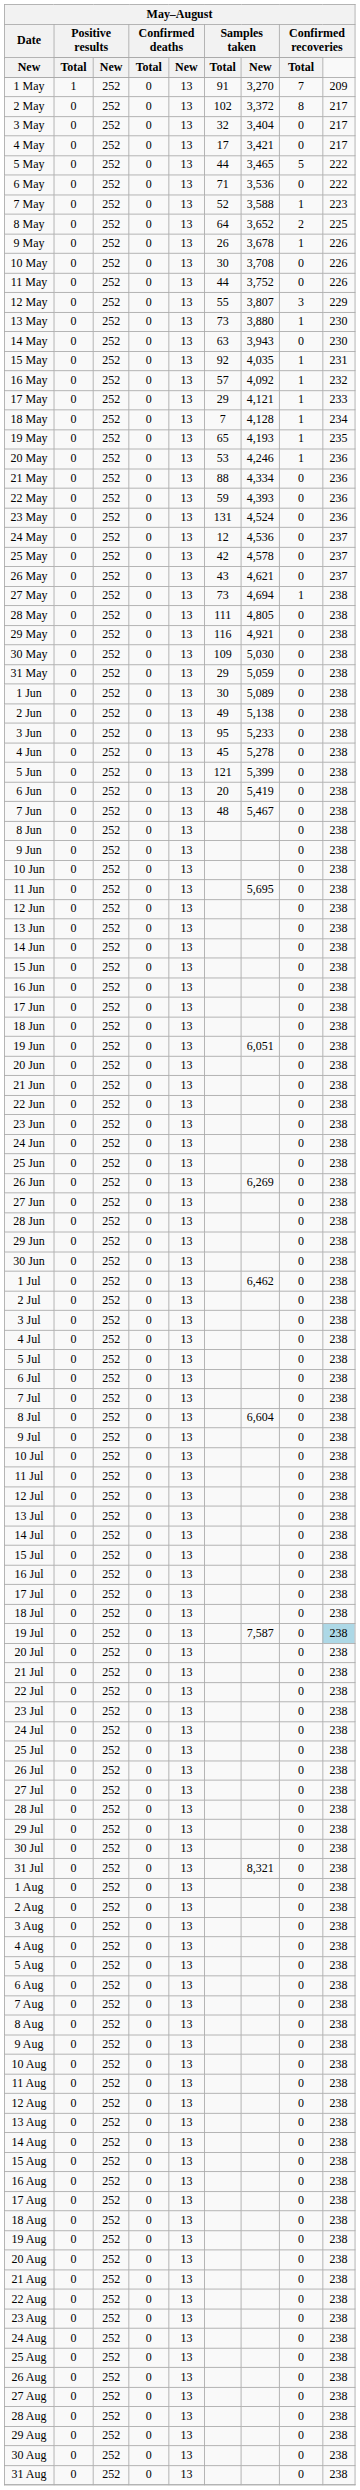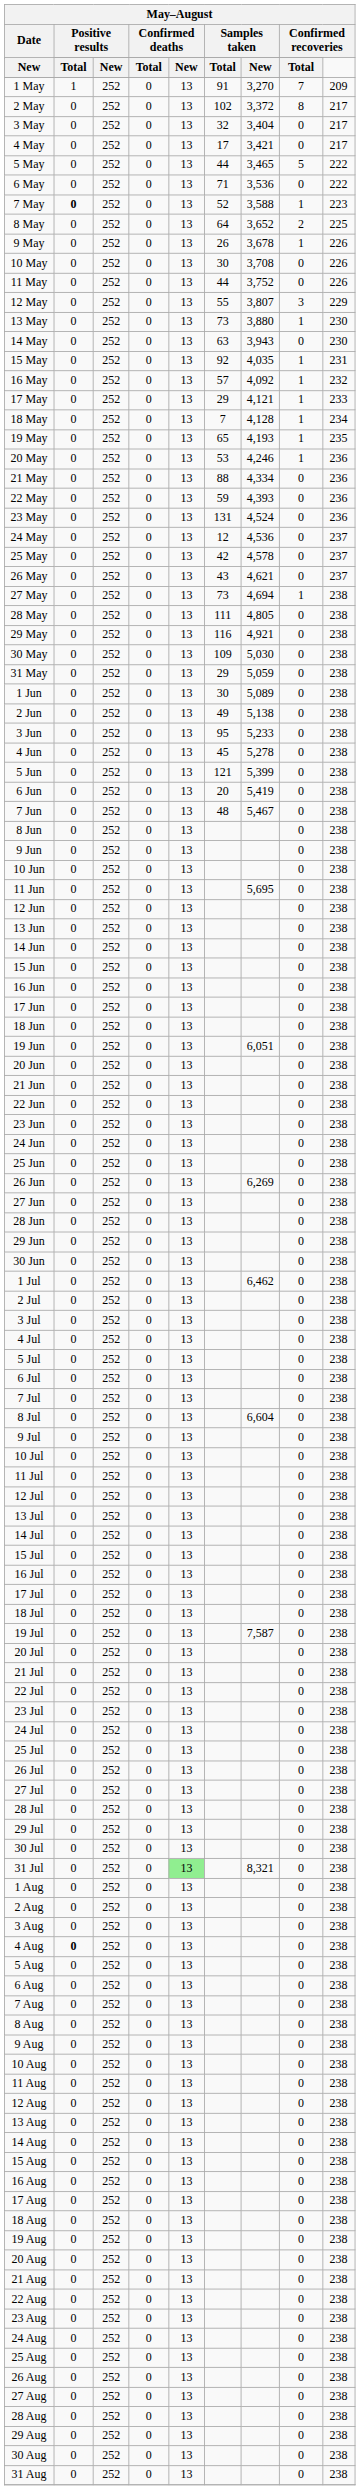 <table class="wikitable collapsible collapsed" style="text-align:center; font-size:86%">
 <tr>
 <th colspan="10">May–August</th>
 </tr>
 <tr>
 <th rowspan="2" width=50px>Date</th>
 <th colspan="2" width=80px>Positive results</th>
 <th colspan="2" width=80px>Confirmed deaths</th>
 <th colspan="2" width=80px>Samples taken</th>
 <th colspan="2" width=80px>Confirmed recoveries</th>
 </tr>
 <tr>
 </tr>
 <tr>
 <th>New</th>
 <th>Total</th>
 <th>New</th>
 <th>Total</th>
 <th>New</th>
 <th>Total</th>
 <th>New</th>
 <th>Total</th>
 </tr>
 <tr>
 </tr>
 <tr>
 <td>1 May</td>
 <td>1</td>
 <td>252</td>
 <td>0</td>
 <td>13</td>
 <td>91</td>
 <td>3,270</td>
 <td>7</td>
 <td>209</td>
 </tr>
 <tr>
 <td>2 May</td>
 <td>0</td>
 <td>252</td>
 <td>0</td>
 <td>13</td>
 <td>102</td>
 <td>3,372</td>
 <td>8</td>
 <td>217</td>
 </tr>
 <tr>
 <td>3 May</td>
 <td>0</td>
 <td>252</td>
 <td>0</td>
 <td>13</td>
 <td>32</td>
 <td>3,404</td>
 <td>0</td>
 <td>217</td>
 </tr>
 <tr>
 <td>4 May</td>
 <td>0</td>
 <td>252</td>
 <td>0</td>
 <td>13</td>
 <td>17</td>
 <td>3,421</td>
 <td>0</td>
 <td>217</td>
 </tr>
 <tr>
 <td>5 May</td>
 <td>0</td>
 <td>252</td>
 <td>0</td>
 <td>13</td>
 <td>44</td>
 <td>3,465</td>
 <td>5</td>
 <td>222</td>
 </tr>
 <tr>
 <td>6 May</td>
 <td>0</td>
 <td>252</td>
 <td>0</td>
 <td>13</td>
 <td>71</td>
 <td>3,536</td>
 <td>0</td>
 <td>222</td>
 </tr>
 <tr>
 <td>7 May</td>
-<td>0</td>
+<td><strong>0</strong></td>
 <td>252</td>
 <td>0</td>
 <td>13</td>
 <td>52</td>
 <td>3,588</td>
 <td>1</td>
 <td>223</td>
 </tr>
 <tr>
 <td>8 May</td>
 <td>0</td>
 <td>252</td>
 <td>0</td>
 <td>13</td>
 <td>64</td>
 <td>3,652</td>
 <td>2</td>
 <td>225</td>
 </tr>
 <tr>
 <td>9 May</td>
 <td>0</td>
 <td>252</td>
 <td>0</td>
 <td>13</td>
 <td>26</td>
 <td>3,678</td>
 <td>1</td>
 <td>226</td>
 </tr>
 <tr>
 <td>10 May</td>
 <td>0</td>
 <td>252</td>
 <td>0</td>
 <td>13</td>
 <td>30</td>
 <td>3,708</td>
 <td>0</td>
 <td>226</td>
 </tr>
 <tr>
 <td>11 May</td>
 <td>0</td>
 <td>252</td>
 <td>0</td>
 <td>13</td>
 <td>44</td>
 <td>3,752</td>
 <td>0</td>
 <td>226</td>
 </tr>
 <tr>
 <td>12 May</td>
 <td>0</td>
 <td>252</td>
 <td>0</td>
 <td>13</td>
 <td>55</td>
 <td>3,807</td>
 <td>3</td>
 <td>229</td>
 </tr>
 <tr>
 <td>13 May</td>
 <td>0</td>
 <td>252</td>
 <td>0</td>
 <td>13</td>
 <td>73</td>
 <td>3,880</td>
 <td>1</td>
 <td>230</td>
 </tr>
 <tr>
 <td>14 May</td>
 <td>0</td>
 <td>252</td>
 <td>0</td>
 <td>13</td>
 <td>63</td>
 <td>3,943</td>
 <td>0</td>
 <td>230</td>
 </tr>
 <tr>
 <td>15 May</td>
 <td>0</td>
 <td>252</td>
 <td>0</td>
 <td>13</td>
 <td>92</td>
 <td>4,035</td>
 <td>1</td>
 <td>231</td>
 </tr>
 <tr>
 <td>16 May</td>
 <td>0</td>
 <td>252</td>
 <td>0</td>
 <td>13</td>
 <td>57</td>
 <td>4,092</td>
 <td>1</td>
 <td>232</td>
 </tr>
 <tr>
 <td>17 May</td>
 <td>0</td>
 <td>252</td>
 <td>0</td>
 <td>13</td>
 <td>29</td>
 <td>4,121</td>
 <td>1</td>
 <td>233</td>
 </tr>
 <tr>
 <td>18 May</td>
 <td>0</td>
 <td>252</td>
 <td>0</td>
 <td>13</td>
 <td>7</td>
 <td>4,128</td>
 <td>1</td>
 <td>234</td>
 </tr>
 <tr>
 <td>19 May</td>
 <td>0</td>
 <td>252</td>
 <td>0</td>
 <td>13</td>
 <td>65</td>
 <td>4,193</td>
 <td>1</td>
 <td>235</td>
 </tr>
 <tr>
 <td>20 May</td>
 <td>0</td>
 <td>252</td>
 <td>0</td>
 <td>13</td>
 <td>53</td>
 <td>4,246</td>
 <td>1</td>
 <td>236</td>
 </tr>
 <tr>
 <td>21 May</td>
 <td>0</td>
 <td>252</td>
 <td>0</td>
 <td>13</td>
 <td>88</td>
 <td>4,334</td>
 <td>0</td>
 <td>236</td>
 </tr>
 <tr>
 <td>22 May</td>
 <td>0</td>
 <td>252</td>
 <td>0</td>
 <td>13</td>
 <td>59</td>
 <td>4,393</td>
 <td>0</td>
 <td>236</td>
 </tr>
 <tr>
 <td>23 May</td>
 <td>0</td>
 <td>252</td>
 <td>0</td>
 <td>13</td>
 <td>131</td>
 <td>4,524</td>
 <td>0</td>
 <td>236</td>
 </tr>
 <tr>
 <td>24 May</td>
 <td>0</td>
 <td>252</td>
 <td>0</td>
 <td>13</td>
 <td>12</td>
 <td>4,536</td>
 <td>0</td>
 <td>237</td>
 </tr>
 <tr>
 <td>25 May</td>
 <td>0</td>
 <td>252</td>
 <td>0</td>
 <td>13</td>
 <td>42</td>
 <td>4,578</td>
 <td>0</td>
 <td>237</td>
 </tr>
 <tr>
 <td>26 May</td>
 <td>0</td>
 <td>252</td>
 <td>0</td>
 <td>13</td>
 <td>43</td>
 <td>4,621</td>
 <td>0</td>
 <td>237</td>
 </tr>
 <tr>
 <td>27 May</td>
 <td>0</td>
 <td>252</td>
 <td>0</td>
 <td>13</td>
 <td>73</td>
 <td>4,694</td>
 <td>1</td>
 <td>238</td>
 </tr>
 <tr>
 <td>28 May</td>
 <td>0</td>
 <td>252</td>
 <td>0</td>
 <td>13</td>
 <td>111</td>
 <td>4,805</td>
 <td>0</td>
 <td>238</td>
 </tr>
 <tr>
 <td>29 May</td>
 <td>0</td>
 <td>252</td>
 <td>0</td>
 <td>13</td>
 <td>116</td>
 <td>4,921</td>
 <td>0</td>
 <td>238</td>
 </tr>
 <tr>
 <td>30 May</td>
 <td>0</td>
 <td>252</td>
 <td>0</td>
 <td>13</td>
 <td>109</td>
 <td>5,030</td>
 <td>0</td>
 <td>238</td>
 </tr>
 <tr>
 <td>31 May</td>
 <td>0</td>
 <td>252</td>
 <td>0</td>
 <td>13</td>
 <td>29</td>
 <td>5,059</td>
 <td>0</td>
 <td>238</td>
 </tr>
 <tr>
 <td>1 Jun</td>
 <td>0</td>
 <td>252</td>
 <td>0</td>
 <td>13</td>
 <td>30</td>
 <td>5,089</td>
 <td>0</td>
 <td>238</td>
 </tr>
 <tr>
 <td>2 Jun</td>
 <td>0</td>
 <td>252</td>
 <td>0</td>
 <td>13</td>
 <td>49</td>
 <td>5,138</td>
 <td>0</td>
 <td>238</td>
 </tr>
 <tr>
 <td>3 Jun</td>
 <td>0</td>
 <td>252</td>
 <td>0</td>
 <td>13</td>
 <td>95</td>
 <td>5,233</td>
 <td>0</td>
 <td>238</td>
 </tr>
 <tr>
 <td>4 Jun</td>
 <td>0</td>
 <td>252</td>
 <td>0</td>
 <td>13</td>
 <td>45</td>
 <td>5,278</td>
 <td>0</td>
 <td>238</td>
 </tr>
 <tr>
 <td>5 Jun</td>
 <td>0</td>
 <td>252</td>
 <td>0</td>
 <td>13</td>
 <td>121</td>
 <td>5,399</td>
 <td>0</td>
 <td>238</td>
 </tr>
 <tr>
 <td>6 Jun</td>
 <td>0</td>
 <td>252</td>
 <td>0</td>
 <td>13</td>
 <td>20</td>
 <td>5,419</td>
 <td>0</td>
 <td>238</td>
 </tr>
 <tr>
 <td>7 Jun</td>
 <td>0</td>
 <td>252</td>
 <td>0</td>
 <td>13</td>
 <td>48</td>
 <td>5,467</td>
 <td>0</td>
 <td>238</td>
 </tr>
 <tr>
 <td>8 Jun</td>
 <td>0</td>
 <td>252</td>
 <td>0</td>
 <td>13</td>
 <td></td>
 <td></td>
 <td>0</td>
 <td>238</td>
 </tr>
 <tr>
 <td>9 Jun</td>
 <td>0</td>
 <td>252</td>
 <td>0</td>
 <td>13</td>
 <td></td>
 <td></td>
 <td>0</td>
 <td>238</td>
 </tr>
 <tr>
 <td>10 Jun</td>
 <td>0</td>
 <td>252</td>
 <td>0</td>
 <td>13</td>
 <td></td>
 <td></td>
 <td>0</td>
 <td>238</td>
 </tr>
 <tr>
 <td>11 Jun</td>
 <td>0</td>
 <td>252</td>
 <td>0</td>
 <td>13</td>
 <td></td>
 <td>5,695</td>
 <td>0</td>
 <td>238</td>
 </tr>
 <tr>
 <td>12 Jun</td>
 <td>0</td>
 <td>252</td>
 <td>0</td>
 <td>13</td>
 <td></td>
 <td></td>
 <td>0</td>
 <td>238</td>
 </tr>
 <tr>
 <td>13 Jun</td>
 <td>0</td>
 <td>252</td>
 <td>0</td>
 <td>13</td>
 <td></td>
 <td></td>
 <td>0</td>
 <td>238</td>
 </tr>
 <tr>
 <td>14 Jun</td>
 <td>0</td>
 <td>252</td>
 <td>0</td>
 <td>13</td>
 <td></td>
 <td></td>
 <td>0</td>
 <td>238</td>
 </tr>
 <tr>
 <td>15 Jun</td>
 <td>0</td>
 <td>252</td>
 <td>0</td>
 <td>13</td>
 <td></td>
 <td></td>
 <td>0</td>
 <td>238</td>
 </tr>
 <tr>
 <td>16 Jun</td>
 <td>0</td>
 <td>252</td>
 <td>0</td>
 <td>13</td>
 <td></td>
 <td></td>
 <td>0</td>
 <td>238</td>
 </tr>
 <tr>
 <td>17 Jun</td>
 <td>0</td>
 <td>252</td>
 <td>0</td>
 <td>13</td>
 <td></td>
 <td></td>
 <td>0</td>
 <td>238</td>
 </tr>
 <tr>
 <td>18 Jun</td>
 <td>0</td>
 <td>252</td>
 <td>0</td>
 <td>13</td>
 <td></td>
 <td></td>
 <td>0</td>
 <td>238</td>
 </tr>
 <tr>
 <td>19 Jun</td>
 <td>0</td>
 <td>252</td>
 <td>0</td>
 <td>13</td>
 <td></td>
 <td>6,051</td>
 <td>0</td>
 <td>238</td>
 </tr>
 <tr>
 <td>20 Jun</td>
 <td>0</td>
 <td>252</td>
 <td>0</td>
 <td>13</td>
 <td></td>
 <td></td>
 <td>0</td>
 <td>238</td>
 </tr>
 <tr>
 <td>21 Jun</td>
 <td>0</td>
 <td>252</td>
 <td>0</td>
 <td>13</td>
 <td></td>
 <td></td>
 <td>0</td>
 <td>238</td>
 </tr>
 <tr>
 <td>22 Jun</td>
 <td>0</td>
 <td>252</td>
 <td>0</td>
 <td>13</td>
 <td></td>
 <td></td>
 <td>0</td>
 <td>238</td>
 </tr>
 <tr>
 <td>23 Jun</td>
 <td>0</td>
 <td>252</td>
 <td>0</td>
 <td>13</td>
 <td></td>
 <td></td>
 <td>0</td>
 <td>238</td>
 </tr>
 <tr>
 <td>24 Jun</td>
 <td>0</td>
 <td>252</td>
 <td>0</td>
 <td>13</td>
 <td></td>
 <td></td>
 <td>0</td>
 <td>238</td>
 </tr>
 <tr>
 <td>25 Jun</td>
 <td>0</td>
 <td>252</td>
 <td>0</td>
 <td>13</td>
 <td></td>
 <td></td>
 <td>0</td>
 <td>238</td>
 </tr>
 <tr>
 <td>26 Jun</td>
 <td>0</td>
 <td>252</td>
 <td>0</td>
 <td>13</td>
 <td></td>
 <td>6,269</td>
 <td>0</td>
 <td>238</td>
 </tr>
 <tr>
 <td>27 Jun</td>
 <td>0</td>
 <td>252</td>
 <td>0</td>
 <td>13</td>
 <td></td>
 <td></td>
 <td>0</td>
 <td>238</td>
 </tr>
 <tr>
 <td>28 Jun</td>
 <td>0</td>
 <td>252</td>
 <td>0</td>
 <td>13</td>
 <td></td>
 <td></td>
 <td>0</td>
 <td>238</td>
 </tr>
 <tr>
 <td>29 Jun</td>
 <td>0</td>
 <td>252</td>
 <td>0</td>
 <td>13</td>
 <td></td>
 <td></td>
 <td>0</td>
 <td>238</td>
 </tr>
 <tr>
 <td>30 Jun</td>
 <td>0</td>
 <td>252</td>
 <td>0</td>
 <td>13</td>
 <td></td>
 <td></td>
 <td>0</td>
 <td>238</td>
 </tr>
 <tr>
 <td>1 Jul</td>
 <td>0</td>
 <td>252</td>
 <td>0</td>
 <td>13</td>
 <td></td>
 <td>6,462</td>
 <td>0</td>
 <td>238</td>
 </tr>
 <tr>
 <td>2 Jul</td>
 <td>0</td>
 <td>252</td>
 <td>0</td>
 <td>13</td>
 <td></td>
 <td></td>
 <td>0</td>
 <td>238</td>
 </tr>
 <tr>
 <td>3 Jul</td>
 <td>0</td>
 <td>252</td>
 <td>0</td>
 <td>13</td>
 <td></td>
 <td></td>
 <td>0</td>
 <td>238</td>
 </tr>
 <tr>
 <td>4 Jul</td>
 <td>0</td>
 <td>252</td>
 <td>0</td>
 <td>13</td>
 <td></td>
 <td></td>
 <td>0</td>
 <td>238</td>
 </tr>
 <tr>
 <td>5 Jul</td>
 <td>0</td>
 <td>252</td>
 <td>0</td>
 <td>13</td>
 <td></td>
 <td></td>
 <td>0</td>
 <td>238</td>
 </tr>
 <tr>
 <td>6 Jul</td>
 <td>0</td>
 <td>252</td>
 <td>0</td>
 <td>13</td>
 <td></td>
 <td></td>
 <td>0</td>
 <td>238</td>
 </tr>
 <tr>
 <td>7 Jul</td>
 <td>0</td>
 <td>252</td>
 <td>0</td>
 <td>13</td>
 <td></td>
 <td></td>
 <td>0</td>
 <td>238</td>
 </tr>
 <tr>
 <td>8 Jul</td>
 <td>0</td>
 <td>252</td>
 <td>0</td>
 <td>13</td>
 <td></td>
 <td>6,604</td>
 <td>0</td>
 <td>238</td>
 </tr>
 <tr>
 <td>9 Jul</td>
 <td>0</td>
 <td>252</td>
 <td>0</td>
 <td>13</td>
 <td></td>
 <td></td>
 <td>0</td>
 <td>238</td>
 </tr>
 <tr>
 <td>10 Jul</td>
 <td>0</td>
 <td>252</td>
 <td>0</td>
 <td>13</td>
 <td></td>
 <td></td>
 <td>0</td>
 <td>238</td>
 </tr>
 <tr>
 <td>11 Jul</td>
 <td>0</td>
 <td>252</td>
 <td>0</td>
 <td>13</td>
 <td></td>
 <td></td>
 <td>0</td>
 <td>238</td>
 </tr>
 <tr>
 <td>12 Jul</td>
 <td>0</td>
 <td>252</td>
 <td>0</td>
 <td>13</td>
 <td></td>
 <td></td>
 <td>0</td>
 <td>238</td>
 </tr>
 <tr>
 <td>13 Jul</td>
 <td>0</td>
 <td>252</td>
 <td>0</td>
 <td>13</td>
 <td></td>
 <td></td>
 <td>0</td>
 <td>238</td>
 </tr>
 <tr>
 <td>14 Jul</td>
 <td>0</td>
 <td>252</td>
 <td>0</td>
 <td>13</td>
 <td></td>
 <td></td>
 <td>0</td>
 <td>238</td>
 </tr>
 <tr>
 <td>15 Jul</td>
 <td>0</td>
 <td>252</td>
 <td>0</td>
 <td>13</td>
 <td></td>
 <td></td>
 <td>0</td>
 <td>238</td>
 </tr>
 <tr>
 <td>16 Jul</td>
 <td>0</td>
 <td>252</td>
 <td>0</td>
 <td>13</td>
 <td></td>
 <td></td>
 <td>0</td>
 <td>238</td>
 </tr>
 <tr>
 <td>17 Jul</td>
 <td>0</td>
 <td>252</td>
 <td>0</td>
 <td>13</td>
 <td></td>
 <td></td>
 <td>0</td>
 <td>238</td>
 </tr>
 <tr>
 <td>18 Jul</td>
 <td>0</td>
 <td>252</td>
 <td>0</td>
 <td>13</td>
 <td></td>
 <td></td>
 <td>0</td>
 <td>238</td>
 </tr>
 <tr>
 <td>19 Jul</td>
 <td>0</td>
 <td>252</td>
 <td>0</td>
 <td>13</td>
 <td></td>
 <td>7,587</td>
 <td>0</td>
-<td style="background: lightblue;">238</td>
+<td>238</td>
 </tr>
 <tr>
 <td>20 Jul</td>
 <td>0</td>
 <td>252</td>
 <td>0</td>
 <td>13</td>
 <td></td>
 <td></td>
 <td>0</td>
 <td>238</td>
 </tr>
 <tr>
 <td>21 Jul</td>
 <td>0</td>
 <td>252</td>
 <td>0</td>
 <td>13</td>
 <td></td>
 <td></td>
 <td>0</td>
 <td>238</td>
 </tr>
 <tr>
 <td>22 Jul</td>
 <td>0</td>
 <td>252</td>
 <td>0</td>
 <td>13</td>
 <td></td>
 <td></td>
 <td>0</td>
 <td>238</td>
 </tr>
 <tr>
 <td>23 Jul</td>
 <td>0</td>
 <td>252</td>
 <td>0</td>
 <td>13</td>
 <td></td>
 <td></td>
 <td>0</td>
 <td>238</td>
 </tr>
 <tr>
 <td>24 Jul</td>
 <td>0</td>
 <td>252</td>
 <td>0</td>
 <td>13</td>
 <td></td>
 <td></td>
 <td>0</td>
 <td>238</td>
 </tr>
 <tr>
 <td>25 Jul</td>
 <td>0</td>
 <td>252</td>
 <td>0</td>
 <td>13</td>
 <td></td>
 <td></td>
 <td>0</td>
 <td>238</td>
 </tr>
 <tr>
 <td>26 Jul</td>
 <td>0</td>
 <td>252</td>
 <td>0</td>
 <td>13</td>
 <td></td>
 <td></td>
 <td>0</td>
 <td>238</td>
 </tr>
 <tr>
 <td>27 Jul</td>
 <td>0</td>
 <td>252</td>
 <td>0</td>
 <td>13</td>
 <td></td>
 <td></td>
 <td>0</td>
 <td>238</td>
 </tr>
 <tr>
 <td>28 Jul</td>
 <td>0</td>
 <td>252</td>
 <td>0</td>
 <td>13</td>
 <td></td>
 <td></td>
 <td>0</td>
 <td>238</td>
 </tr>
 <tr>
 <td>29 Jul</td>
 <td>0</td>
 <td>252</td>
 <td>0</td>
 <td>13</td>
 <td></td>
 <td></td>
 <td>0</td>
 <td>238</td>
 </tr>
 <tr>
 <td>30 Jul</td>
 <td>0</td>
 <td>252</td>
 <td>0</td>
 <td>13</td>
 <td></td>
 <td></td>
 <td>0</td>
 <td>238</td>
 </tr>
 <tr>
 <td>31 Jul</td>
 <td>0</td>
 <td>252</td>
 <td>0</td>
-<td>13</td>
+<td style="background: lightgreen;">13</td>
 <td></td>
 <td>8,321</td>
 <td>0</td>
 <td>238</td>
 </tr>
 <tr>
 <td>1 Aug</td>
 <td>0</td>
 <td>252</td>
 <td>0</td>
 <td>13</td>
 <td></td>
 <td></td>
 <td>0</td>
 <td>238</td>
 </tr>
 <tr>
 <td>2 Aug</td>
 <td>0</td>
 <td>252</td>
 <td>0</td>
 <td>13</td>
 <td></td>
 <td></td>
 <td>0</td>
 <td>238</td>
 </tr>
 <tr>
 <td>3 Aug</td>
 <td>0</td>
 <td>252</td>
 <td>0</td>
 <td>13</td>
 <td></td>
 <td></td>
 <td>0</td>
 <td>238</td>
 </tr>
 <tr>
 <td>4 Aug</td>
-<td>0</td>
+<td><strong>0</strong></td>
 <td>252</td>
 <td>0</td>
 <td>13</td>
 <td></td>
 <td></td>
 <td>0</td>
 <td>238</td>
 </tr>
 <tr>
 <td>5 Aug</td>
 <td>0</td>
 <td>252</td>
 <td>0</td>
 <td>13</td>
 <td></td>
 <td></td>
 <td>0</td>
 <td>238</td>
 </tr>
 <tr>
 <td>6 Aug</td>
 <td>0</td>
 <td>252</td>
 <td>0</td>
 <td>13</td>
 <td></td>
 <td></td>
 <td>0</td>
 <td>238</td>
 </tr>
 <tr>
 <td>7 Aug</td>
 <td>0</td>
 <td>252</td>
 <td>0</td>
 <td>13</td>
 <td></td>
 <td></td>
 <td>0</td>
 <td>238</td>
 </tr>
 <tr>
 <td>8 Aug</td>
 <td>0</td>
 <td>252</td>
 <td>0</td>
 <td>13</td>
 <td></td>
 <td></td>
 <td>0</td>
 <td>238</td>
 </tr>
 <tr>
 <td>9 Aug</td>
 <td>0</td>
 <td>252</td>
 <td>0</td>
 <td>13</td>
 <td></td>
 <td></td>
 <td>0</td>
 <td>238</td>
 </tr>
 <tr>
 <td>10 Aug</td>
 <td>0</td>
 <td>252</td>
 <td>0</td>
 <td>13</td>
 <td></td>
 <td></td>
 <td>0</td>
 <td>238</td>
 </tr>
 <tr>
 <td>11 Aug</td>
 <td>0</td>
 <td>252</td>
 <td>0</td>
 <td>13</td>
 <td></td>
 <td></td>
 <td>0</td>
 <td>238</td>
 </tr>
 <tr>
 <td>12 Aug</td>
 <td>0</td>
 <td>252</td>
 <td>0</td>
 <td>13</td>
 <td></td>
 <td></td>
 <td>0</td>
 <td>238</td>
 </tr>
 <tr>
 <td>13 Aug</td>
 <td>0</td>
 <td>252</td>
 <td>0</td>
 <td>13</td>
 <td></td>
 <td></td>
 <td>0</td>
 <td>238</td>
 </tr>
 <tr>
 <td>14 Aug</td>
 <td>0</td>
 <td>252</td>
 <td>0</td>
 <td>13</td>
 <td></td>
 <td></td>
 <td>0</td>
 <td>238</td>
 </tr>
 <tr>
 <td>15 Aug</td>
 <td>0</td>
 <td>252</td>
 <td>0</td>
 <td>13</td>
 <td></td>
 <td></td>
 <td>0</td>
 <td>238</td>
 </tr>
 <tr>
 <td>16 Aug</td>
 <td>0</td>
 <td>252</td>
 <td>0</td>
 <td>13</td>
 <td></td>
 <td></td>
 <td>0</td>
 <td>238</td>
 </tr>
 <tr>
 <td>17 Aug</td>
 <td>0</td>
 <td>252</td>
 <td>0</td>
 <td>13</td>
 <td></td>
 <td></td>
 <td>0</td>
 <td>238</td>
 </tr>
 <tr>
 <td>18 Aug</td>
 <td>0</td>
 <td>252</td>
 <td>0</td>
 <td>13</td>
 <td></td>
 <td></td>
 <td>0</td>
 <td>238</td>
 </tr>
 <tr>
 <td>19 Aug</td>
 <td>0</td>
 <td>252</td>
 <td>0</td>
 <td>13</td>
 <td></td>
 <td></td>
 <td>0</td>
 <td>238</td>
 </tr>
 <tr>
 <td>20 Aug</td>
 <td>0</td>
 <td>252</td>
 <td>0</td>
 <td>13</td>
 <td></td>
 <td></td>
 <td>0</td>
 <td>238</td>
 </tr>
 <tr>
 <td>21 Aug</td>
 <td>0</td>
 <td>252</td>
 <td>0</td>
 <td>13</td>
 <td></td>
 <td></td>
 <td>0</td>
 <td>238</td>
 </tr>
 <tr>
 <td>22 Aug</td>
 <td>0</td>
 <td>252</td>
 <td>0</td>
 <td>13</td>
 <td></td>
 <td></td>
 <td>0</td>
 <td>238</td>
 </tr>
 <tr>
 <td>23 Aug</td>
 <td>0</td>
 <td>252</td>
 <td>0</td>
 <td>13</td>
 <td></td>
 <td></td>
 <td>0</td>
 <td>238</td>
 </tr>
 <tr>
 <td>24 Aug</td>
 <td>0</td>
 <td>252</td>
 <td>0</td>
 <td>13</td>
 <td></td>
 <td></td>
 <td>0</td>
 <td>238</td>
 </tr>
 <tr>
 <td>25 Aug</td>
 <td>0</td>
 <td>252</td>
 <td>0</td>
 <td>13</td>
 <td></td>
 <td></td>
 <td>0</td>
 <td>238</td>
 </tr>
 <tr>
 <td>26 Aug</td>
 <td>0</td>
 <td>252</td>
 <td>0</td>
 <td>13</td>
 <td></td>
 <td></td>
 <td>0</td>
 <td>238</td>
 </tr>
 <tr>
 <td>27 Aug</td>
 <td>0</td>
 <td>252</td>
 <td>0</td>
 <td>13</td>
 <td></td>
 <td></td>
 <td>0</td>
 <td>238</td>
 </tr>
 <tr>
 <td>28 Aug</td>
 <td>0</td>
 <td>252</td>
 <td>0</td>
 <td>13</td>
 <td></td>
 <td></td>
 <td>0</td>
 <td>238</td>
 </tr>
 <tr>
 <td>29 Aug</td>
 <td>0</td>
 <td>252</td>
 <td>0</td>
 <td>13</td>
 <td></td>
 <td></td>
 <td>0</td>
 <td>238</td>
 </tr>
 <tr>
 <td>30 Aug</td>
 <td>0</td>
 <td>252</td>
 <td>0</td>
 <td>13</td>
 <td></td>
 <td></td>
 <td>0</td>
 <td>238</td>
 </tr>
 <tr>
 <td>31 Aug</td>
 <td>0</td>
 <td>252</td>
 <td>0</td>
 <td>13</td>
 <td></td>
 <td></td>
 <td>0</td>
 <td>238</td>
 </tr>
 <tr>
 </tr>
 </table>
